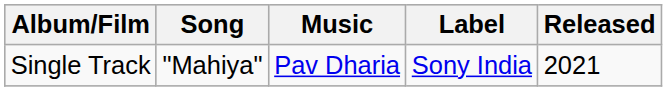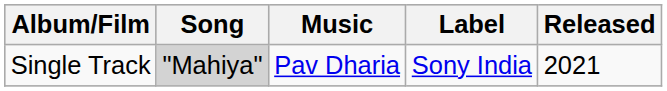 <table class="wikitable">
 <tr>
 <th>Album/Film</th>
 <th>Song</th>
 <th>Music</th>
 <th>Label</th>
 <th>Released</th>
 </tr>
 <tr>
 <td>Single Track</td>
-<td>"Mahiya"</td>
+<td style="background: lightgrey;">"Mahiya"</td>
 <td><a href='#'>Pav Dharia</a></td>
 <td><a href='#'>Sony India</a></td>
 <td rowspan="2">2021</td>
 </tr>
 </table>
